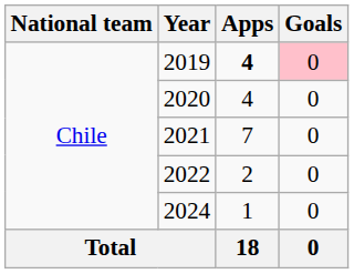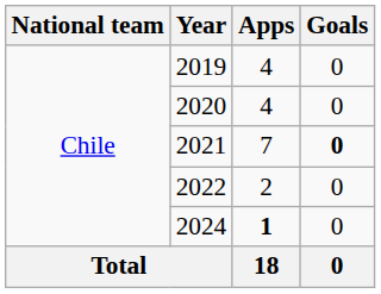 <table class="wikitable" style="text-align:center">
 <tr>
 <th>National team</th>
 <th>Year</th>
 <th>Apps</th>
 <th>Goals</th>
 </tr>
 <tr>
 <td rowspan="5"><a href='#'>Chile</a></td>
 <td>2019</td>
-<td><strong>4</strong></td>
-<td style="background: pink;">0</td>
+<td>4</td>
+<td>0</td>
 </tr>
 <tr>
 <td>2020</td>
 <td>4</td>
 <td>0</td>
 </tr>
 <tr>
 <td>2021</td>
 <td>7</td>
-<td>0</td>
+<td><strong>0</strong></td>
 </tr>
 <tr>
 <td>2022</td>
 <td>2</td>
 <td>0</td>
 </tr>
 <tr>
 <td>2024</td>
-<td>1</td>
+<td><strong>1</strong></td>
 <td>0</td>
 </tr>
 <tr>
 <th colspan="2">Total</th>
 <th>18</th>
 <th>0</th>
 </tr>
 </table>
